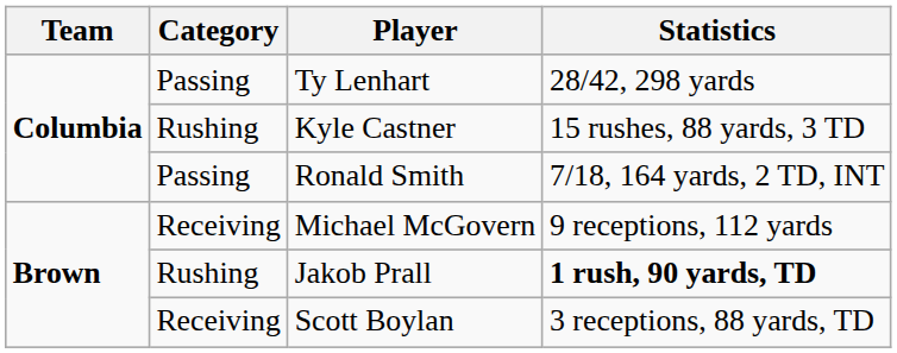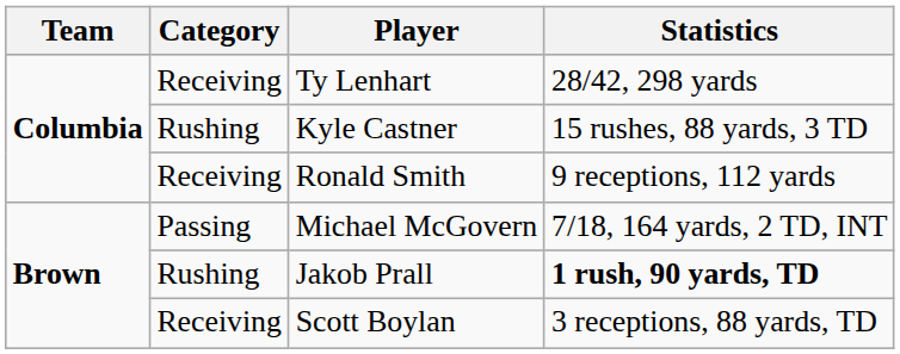 <table class="wikitable" style="float: left;">
 <tr>
 <th>Team</th>
 <th>Category</th>
 <th>Player</th>
 <th>Statistics</th>
 </tr>
 <tr>
 <td rowspan=3><strong>Columbia</strong></td>
-<td>Passing</td>
+<td>Receiving</td>
 <td>Ty Lenhart</td>
 <td>28/42, 298 yards</td>
 </tr>
 <tr>
 <td>Rushing</td>
 <td>Kyle Castner</td>
 <td>15 rushes, 88 yards, 3 TD</td>
 </tr>
 <tr>
-<td>Passing</td>
+<td>Receiving</td>
 <td>Ronald Smith</td>
-<td>7/18, 164 yards, 2 TD, INT</td>
+<td>9 receptions, 112 yards</td>
 </tr>
 <tr>
 <td rowspan=3><strong>Brown</strong></td>
-<td>Receiving</td>
+<td>Passing</td>
 <td>Michael McGovern</td>
-<td>9 receptions, 112 yards</td>
+<td>7/18, 164 yards, 2 TD, INT</td>
 </tr>
 <tr>
 <td>Rushing</td>
 <td>Jakob Prall</td>
 <td><strong>1 rush, 90 yards, TD</strong></td>
 </tr>
 <tr>
 <td>Receiving</td>
 <td>Scott Boylan</td>
 <td>3 receptions, 88 yards, TD</td>
 </tr>
 </table>
